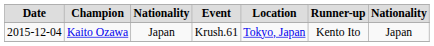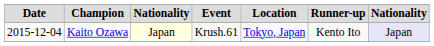 <table class="wikitable" style="text-align:center">
 <tr>
 </tr>
 <tr bgcolor="#dddddd">
 <td><strong>Date</strong></td>
 <td><strong>Champion</strong></td>
 <td><strong>Nationality</strong></td>
 <td><strong>Event</strong></td>
 <td><strong>Location</strong></td>
 <td><strong>Runner-up</strong></td>
 <td><strong>Nationality</strong></td>
 </tr>
 <tr>
 </tr>
 <tr>
 <td>2015-12-04</td>
 <td><a href='#'>Kaito Ozawa</a></td>
-<td> Japan</td>
+<td style="background: lightyellow;"> Japan</td>
 <td>Krush.61</td>
 <td><a href='#'>Tokyo, Japan</a></td>
 <td>Kento Ito</td>
-<td> Japan</td>
+<td style="background: lavender;"> Japan</td>
 </tr>
 <tr>
 </tr>
 </table>
